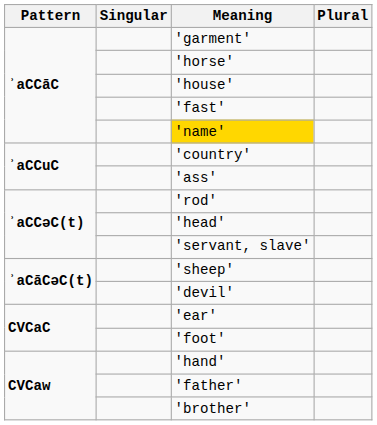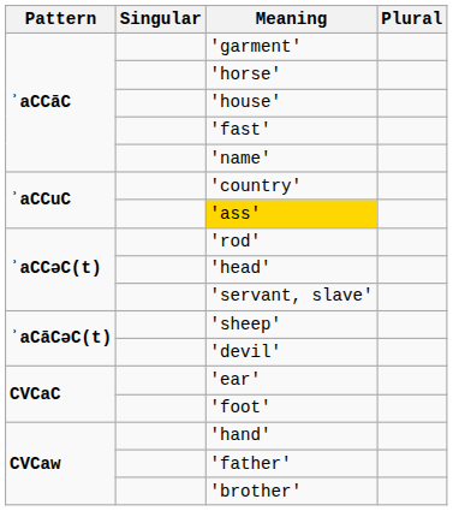 <table class="wikitable">
 <tr>
 <th>Pattern</th>
 <th>Singular</th>
 <th>Meaning</th>
 <th>Plural</th>
 </tr>
 <tr>
 <td rowspan="5"><strong>ʾaCCāC</strong></td>
 <td> </td>
 <td>'garment'</td>
 <td> </td>
 </tr>
 <tr>
 <td> </td>
 <td>'horse'</td>
 <td> </td>
 </tr>
 <tr>
 <td> </td>
 <td>'house'</td>
 <td> </td>
 </tr>
 <tr>
 <td> </td>
 <td>'fast'</td>
 <td> </td>
 </tr>
 <tr>
 <td> </td>
-<td style="background: gold;">'name'</td>
+<td>'name'</td>
 <td> </td>
 </tr>
 <tr>
 <td rowspan="2"><strong>ʾaCCuC</strong></td>
 <td> </td>
 <td>'country'</td>
 <td> </td>
 </tr>
 <tr>
 <td> </td>
-<td>'ass'</td>
+<td style="background: gold;">'ass'</td>
 <td> </td>
 </tr>
 <tr>
 <td rowspan="3"><strong>ʾaCCəC(t)</strong></td>
 <td> </td>
 <td>'rod'</td>
 <td> </td>
 </tr>
 <tr>
 <td> </td>
 <td>'head'</td>
 <td> </td>
 </tr>
 <tr>
 <td> </td>
 <td>'servant, slave'</td>
 <td> </td>
 </tr>
 <tr>
 <td rowspan="2"><strong>ʾaCāCəC(t)</strong></td>
 <td> </td>
 <td>'sheep'</td>
 <td> </td>
 </tr>
 <tr>
 <td> </td>
 <td>'devil'</td>
 <td> </td>
 </tr>
 <tr>
 <td rowspan="2"><strong>CVCaC</strong></td>
 <td> </td>
 <td>'ear'</td>
 <td> </td>
 </tr>
 <tr>
 <td> </td>
 <td>'foot'</td>
 <td> </td>
 </tr>
 <tr>
 <td rowspan="3"><strong>CVCaw</strong></td>
 <td> </td>
 <td>'hand'</td>
 <td> </td>
 </tr>
 <tr>
 <td> </td>
 <td>'father'</td>
 <td> </td>
 </tr>
 <tr>
 <td> </td>
 <td>'brother'</td>
 <td> </td>
 </tr>
 </table>
